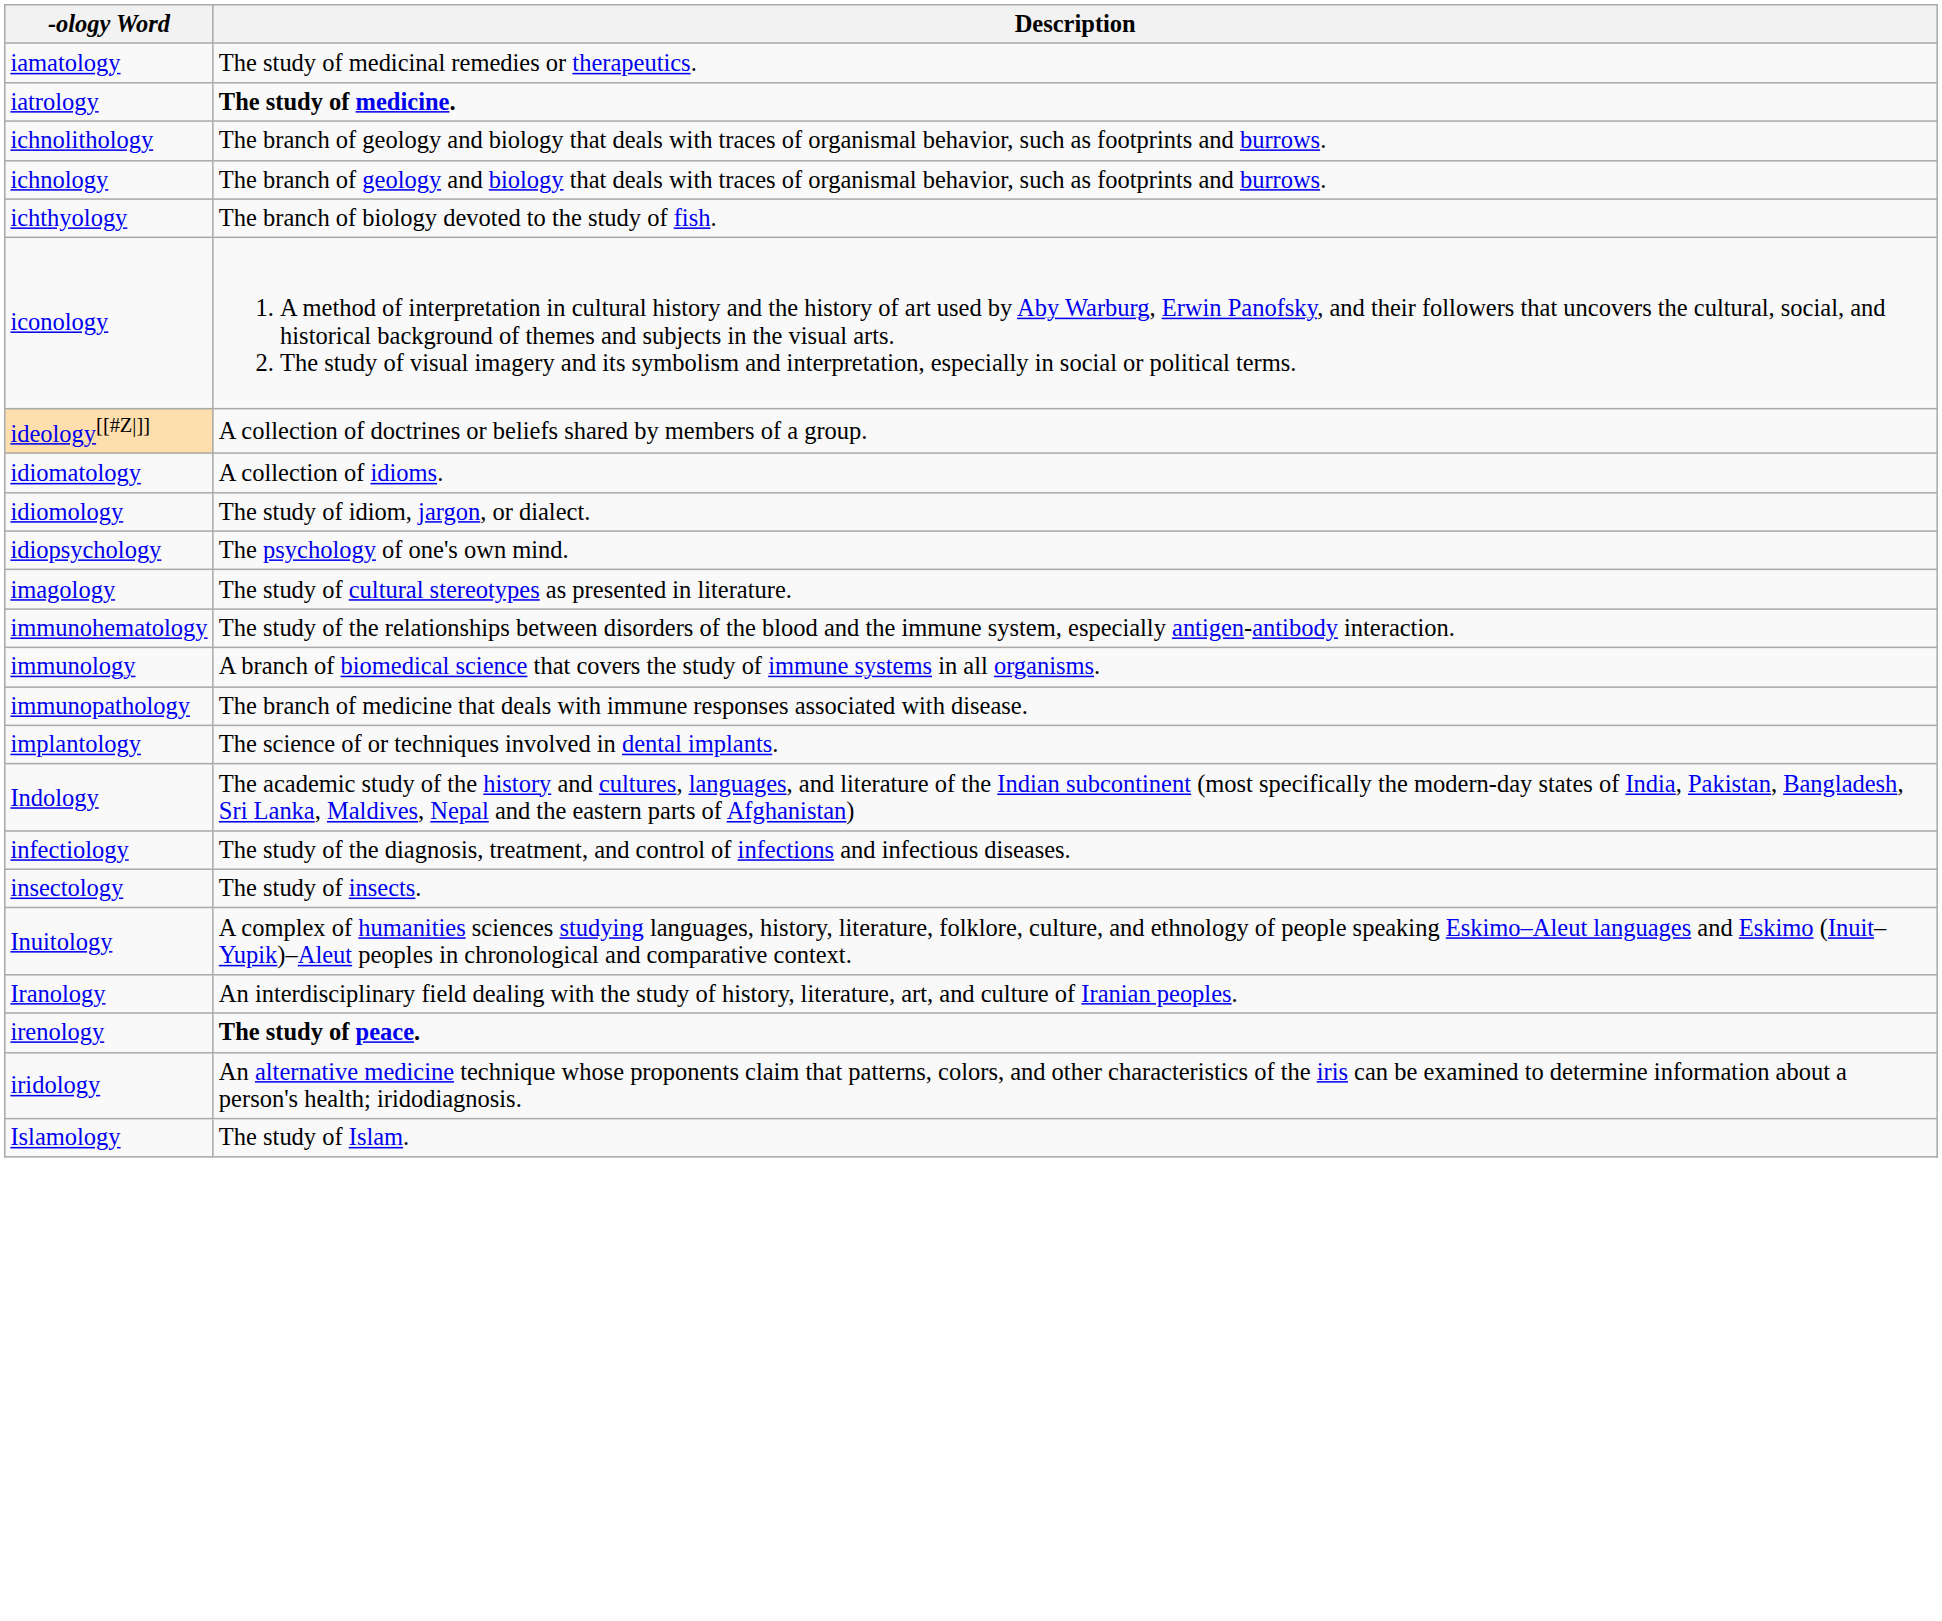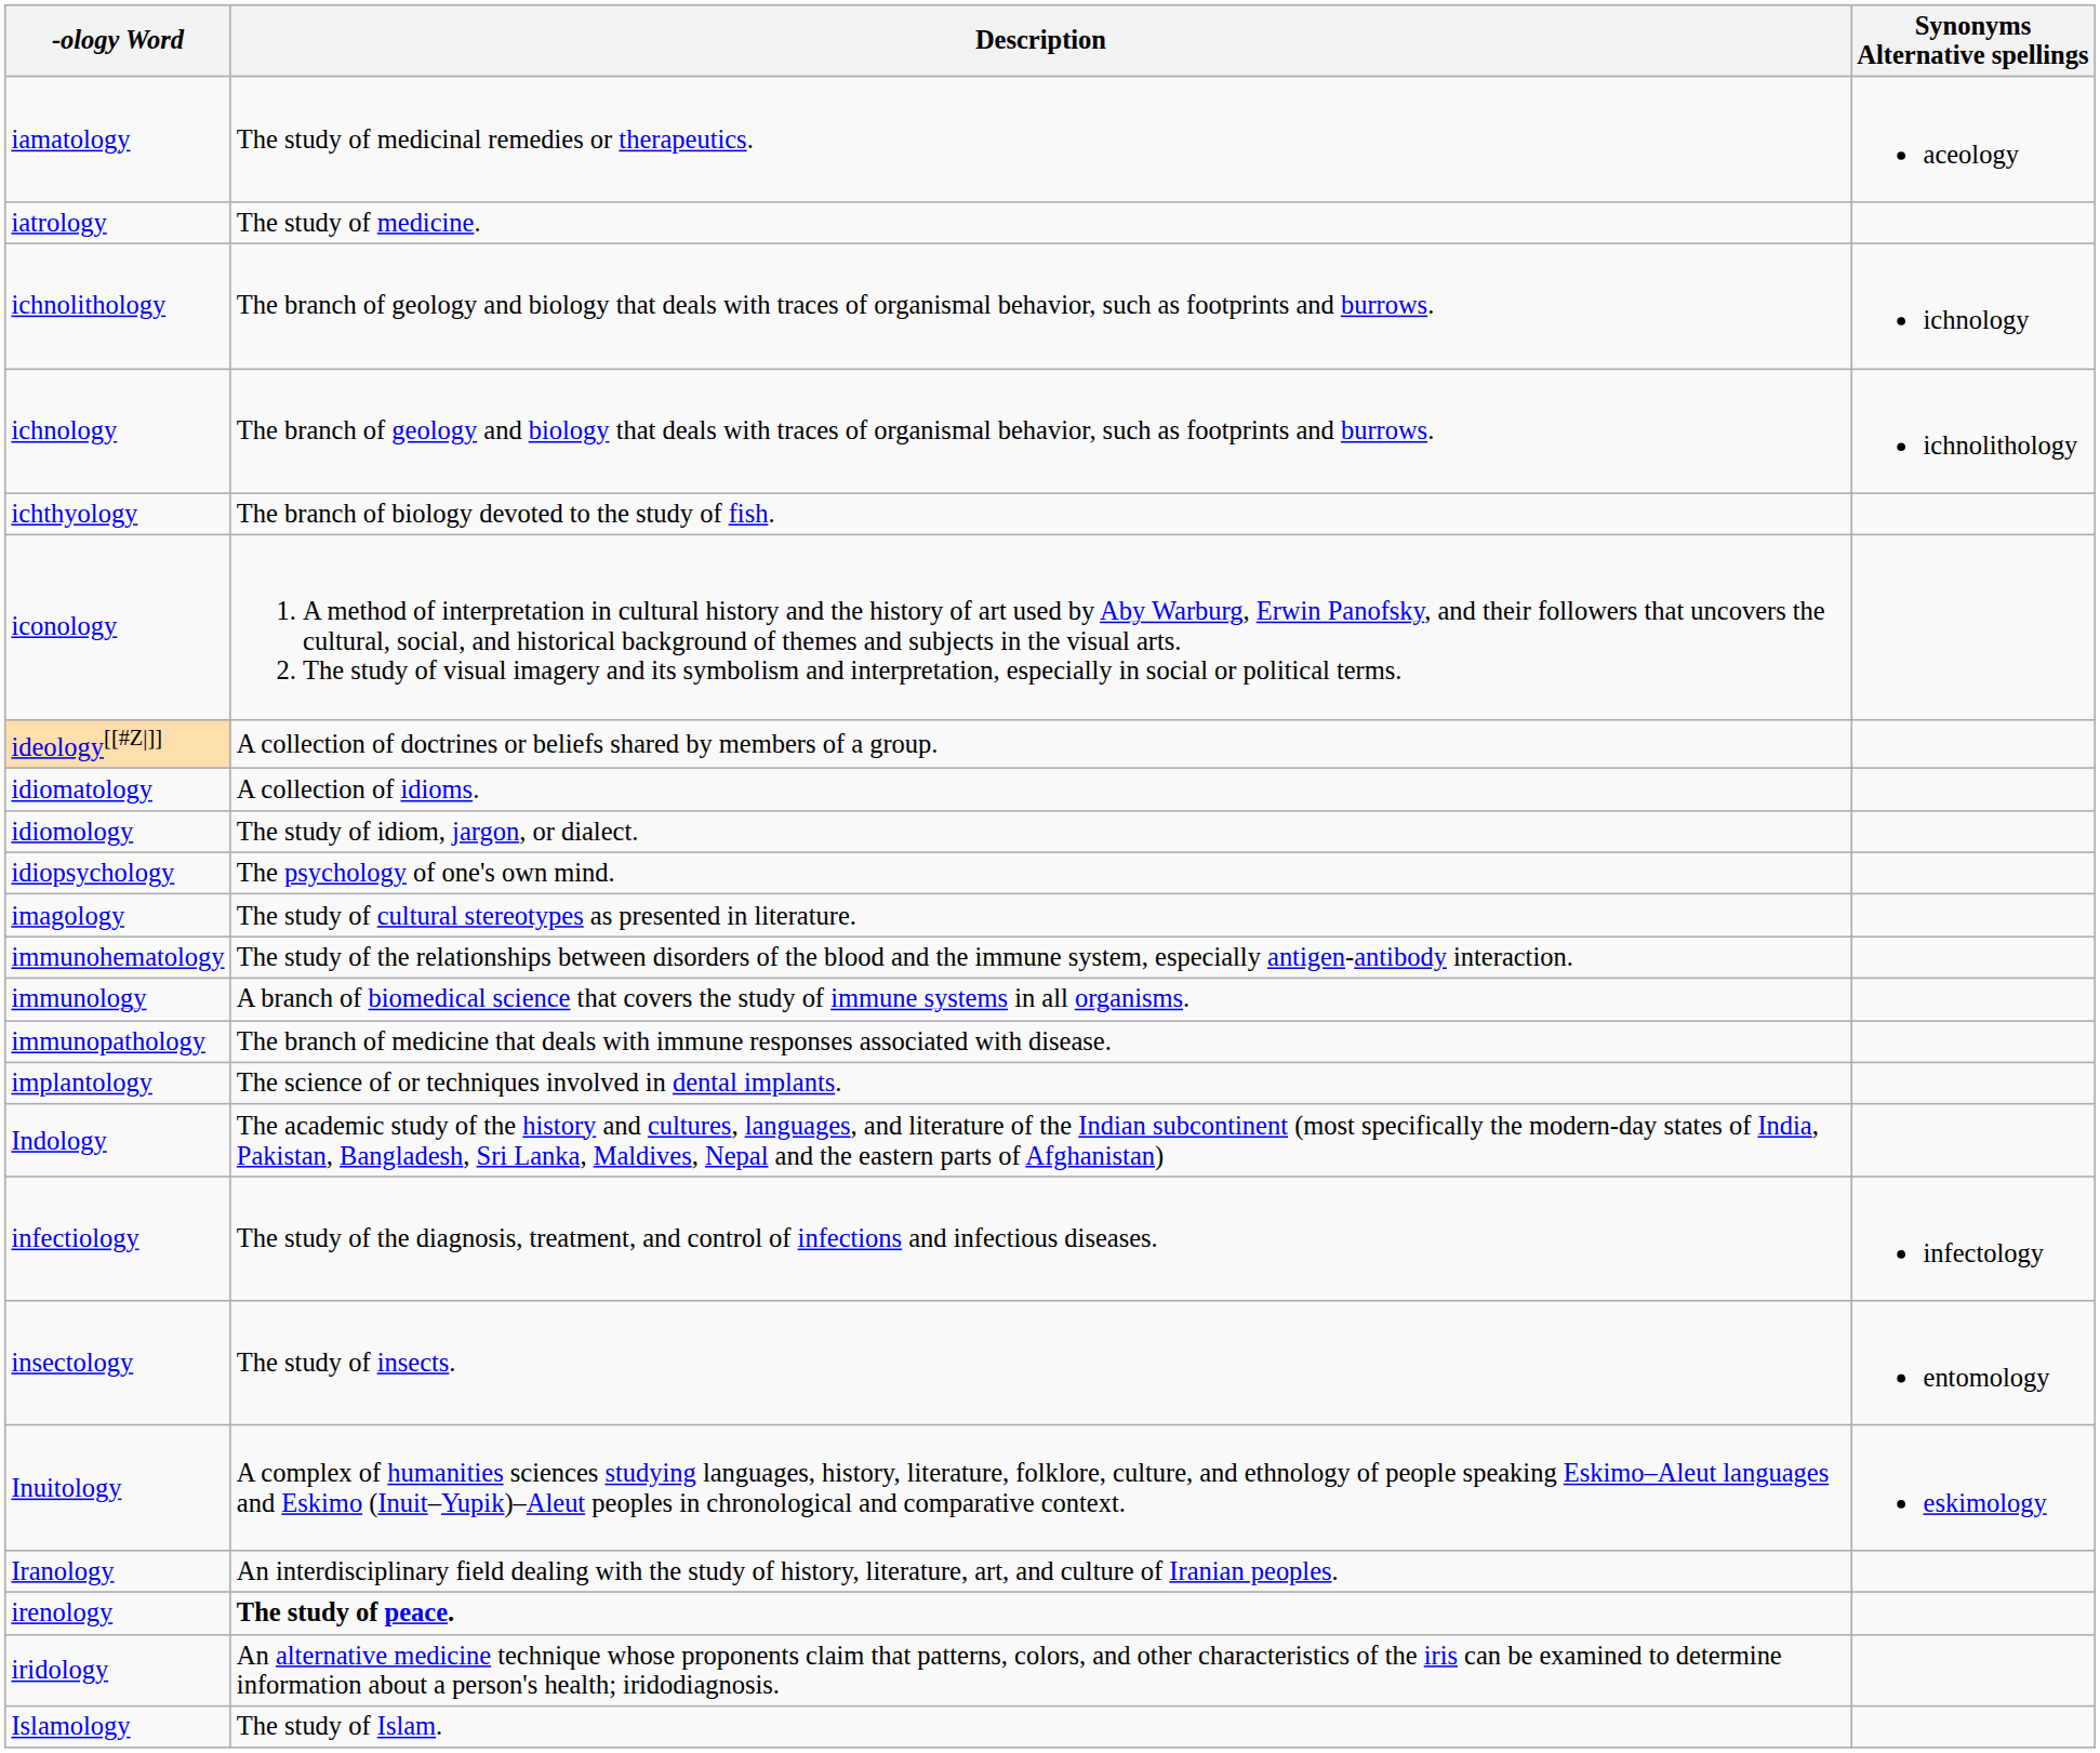 <table class="wikitable" style="width:100%;">
 <tr>
 <th><em>-ology Word</em></th>
 <th>Description</th>
+<th>Synonyms<br>Alternative spellings</th>
 </tr>
 <tr>
 <td><a href='#'>iamatology</a></td>
 <td>The study of medicinal remedies or <a href='#'>therapeutics</a>.</td>
+<td><br><ul><li>aceology</li></ul></td>
 </tr>
 <tr>
 <td><a href='#'>iatrology</a></td>
-<td><strong>The study of <a href='#'>medicine</a>.</strong></td>
+<td>The study of <a href='#'>medicine</a>.</td>
+<td></td>
 </tr>
 <tr>
 <td><a href='#'>ichnolithology</a></td>
 <td>The branch of geology and biology that deals with traces of organismal behavior, such as footprints and <a href='#'>burrows</a>.</td>
+<td><br><ul><li>ichnology</li></ul></td>
 </tr>
 <tr>
 <td><a href='#'>ichnology</a></td>
 <td>The branch of <a href='#'>geology</a> and <a href='#'>biology</a> that deals with traces of organismal behavior, such as footprints and <a href='#'>burrows</a>.</td>
+<td><br><ul><li>ichnolithology</li></ul></td>
 </tr>
 <tr>
 <td><a href='#'>ichthyology</a></td>
 <td>The branch of biology devoted to the study of <a href='#'>fish</a>.</td>
+<td></td>
 </tr>
 <tr>
 <td><a href='#'>iconology</a></td>
 <td><br><ol><li>A method of interpretation in cultural history and the history of art used by <a href='#'>Aby Warburg</a>, <a href='#'>Erwin Panofsky</a>, and their followers that uncovers the cultural, social, and historical background of themes and subjects in the visual arts.</li><li>The study of visual imagery and its symbolism and interpretation, especially in social or political terms.</li></ol></td>
+<td></td>
 </tr>
 <tr>
 <td style="background: #ffdead"><a href='#'>ideology</a><sup>[[#Z|]]</sup></td>
 <td>A collection of doctrines or beliefs shared by members of a group.</td>
+<td></td>
 </tr>
 <tr>
 <td><a href='#'>idiomatology</a></td>
 <td>A collection of <a href='#'>idioms</a>.</td>
+<td></td>
 </tr>
 <tr>
 <td><a href='#'>idiomology</a></td>
 <td>The study of idiom, <a href='#'>jargon</a>, or dialect.</td>
+<td></td>
 </tr>
 <tr>
 <td><a href='#'>idiopsychology</a></td>
 <td>The <a href='#'>psychology</a> of one's own mind.</td>
+<td></td>
 </tr>
 <tr>
 <td><a href='#'>imagology</a></td>
 <td>The study of <a href='#'>cultural stereotypes</a> as presented in literature.</td>
+<td></td>
 </tr>
 <tr>
 <td><a href='#'>immunohematology</a></td>
 <td>The study of the relationships between disorders of the blood and the immune system, especially <a href='#'>antigen</a>-<a href='#'>antibody</a> interaction.</td>
+<td></td>
 </tr>
 <tr>
 <td><a href='#'>immunology</a></td>
 <td>A branch of <a href='#'>biomedical science</a> that covers the study of <a href='#'>immune systems</a> in all <a href='#'>organisms</a>.</td>
+<td></td>
 </tr>
 <tr>
 <td><a href='#'>immunopathology</a></td>
 <td>The branch of medicine that deals with immune responses associated with disease.</td>
+<td></td>
 </tr>
 <tr>
 <td><a href='#'>implantology</a></td>
 <td>The science of or techniques involved in <a href='#'>dental implants</a>.</td>
+<td></td>
 </tr>
 <tr>
 <td><a href='#'>Indology</a></td>
 <td>The academic study of the <a href='#'>history</a> and <a href='#'>cultures</a>, <a href='#'>languages</a>, and literature of the <a href='#'>Indian subcontinent</a> (most specifically the modern-day states of <a href='#'>India</a>, <a href='#'>Pakistan</a>, <a href='#'>Bangladesh</a>, <a href='#'>Sri Lanka</a>, <a href='#'>Maldives</a>, <a href='#'>Nepal</a> and the eastern parts of <a href='#'>Afghanistan</a>)</td>
+<td></td>
 </tr>
 <tr>
 <td><a href='#'>infectiology</a></td>
 <td>The study of the diagnosis, treatment, and control of <a href='#'>infections</a> and infectious diseases.</td>
+<td><br><ul><li>infectology</li></ul></td>
 </tr>
 <tr>
 <td><a href='#'>insectology</a></td>
 <td>The study of <a href='#'>insects</a>.</td>
+<td><br><ul><li>entomology</li></ul></td>
 </tr>
 <tr>
 <td><a href='#'>Inuitology</a></td>
 <td>A complex of <a href='#'>humanities</a> sciences <a href='#'>studying</a> languages, history, literature, folklore, culture, and ethnology of people speaking <a href='#'>Eskimo–Aleut languages</a> and <a href='#'>Eskimo</a> (<a href='#'>Inuit</a>–<a href='#'>Yupik</a>)–<a href='#'>Aleut</a> peoples in chronological and comparative context.</td>
+<td><br><ul><li><a href='#'>eskimology</a></li></ul></td>
 </tr>
 <tr>
 <td><a href='#'>Iranology</a></td>
 <td>An interdisciplinary field dealing with the study of history, literature, art, and culture of <a href='#'>Iranian peoples</a>.</td>
+<td></td>
 </tr>
 <tr>
 <td><a href='#'>irenology</a></td>
 <td><strong>The study of <a href='#'>peace</a>.</strong></td>
+<td></td>
 </tr>
 <tr>
 <td><a href='#'>iridology</a></td>
 <td>An <a href='#'>alternative medicine</a> technique whose proponents claim that patterns, colors, and other characteristics of the <a href='#'>iris</a> can be examined to determine information about a person's health; iridodiagnosis.</td>
+<td></td>
 </tr>
 <tr>
 <td><a href='#'>Islamology</a></td>
 <td>The study of <a href='#'>Islam</a>.</td>
+<td></td>
 </tr>
 </table>
